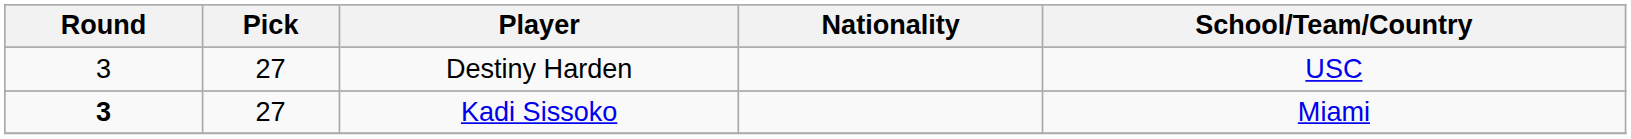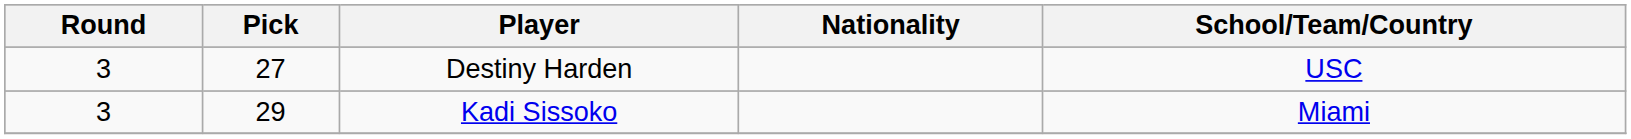 <table class="wikitable" style="text-align:center; width:60em">
 <tr>
 <th>Round</th>
 <th>Pick</th>
 <th>Player</th>
 <th>Nationality</th>
 <th>School/Team/Country</th>
 </tr>
 <tr>
 <td>3</td>
 <td>27</td>
 <td>Destiny Harden</td>
 <td></td>
 <td><a href='#'>USC</a></td>
 </tr>
 <tr>
-<td><strong>3</strong></td>
-<td>27</td>
+<td>3</td>
+<td>29</td>
 <td><a href='#'>Kadi Sissoko</a></td>
 <td></td>
 <td><a href='#'>Miami</a></td>
 </tr>
 <tr>
 </tr>
 </table>
